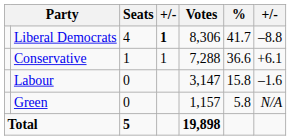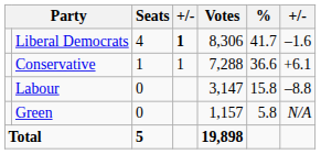 <table class="wikitable sortable">
 <tr>
 <th colspan="2">Party</th>
 <th>Seats</th>
 <th>+/-</th>
 <th>Votes</th>
 <th>%</th>
 <th>+/-</th>
 </tr>
 <tr>
 <td style="background-color: "></td>
 <td><a href='#'>Liberal Democrats</a></td>
 <td>4</td>
 <td><strong> 1</strong></td>
 <td style="text-align:right;">8,306</td>
 <td style="text-align:right;">41.7</td>
-<td style="text-align:right;">–8.8</td>
+<td style="text-align:right;">–1.6</td>
 </tr>
 <tr>
 <td style="background-color: "></td>
 <td><a href='#'>Conservative</a></td>
 <td>1</td>
 <td> 1</td>
 <td style="text-align:right;">7,288</td>
 <td style="text-align:right;">36.6</td>
 <td style="text-align:right;">+6.1</td>
 </tr>
 <tr>
 <td style="background-color: "></td>
 <td><a href='#'>Labour</a></td>
 <td>0</td>
 <td></td>
 <td style="text-align:right;">3,147</td>
 <td style="text-align:right;">15.8</td>
-<td style="text-align:right;">–1.6</td>
+<td style="text-align:right;">–8.8</td>
 </tr>
 <tr>
 <td style="background-color: "></td>
 <td><a href='#'>Green</a></td>
 <td>0</td>
 <td></td>
 <td style="text-align:right;">1,157</td>
 <td style="text-align:right;">5.8</td>
 <td style="text-align:right;"><em>N/A</em></td>
 </tr>
 <tr>
 <td colspan="2"><strong>Total</strong></td>
 <td><strong>5</strong></td>
 <td></td>
 <td style="text-align:right;"><strong>19,898</strong></td>
 <td style="text-align:right;"></td>
 <td style="text-align:right;"></td>
 </tr>
 </table>
